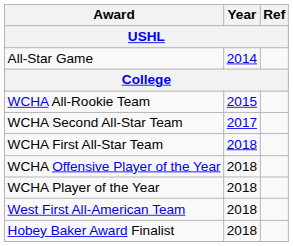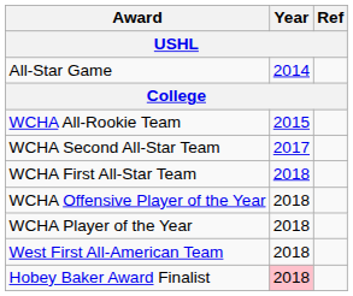 <table class="wikitable">
 <tr>
 <th>Award</th>
 <th>Year</th>
 <th>Ref</th>
 </tr>
 <tr ALIGN="center" bgcolor="#e0e0e0">
 <th colspan="3"><a href='#'>USHL</a></th>
 </tr>
 <tr>
 <td>All-Star Game</td>
 <td><a href='#'>2014</a></td>
 <td></td>
 </tr>
 <tr ALIGN="center" bgcolor="#e0e0e0">
 <th colspan="3"><a href='#'>College</a></th>
 </tr>
 <tr>
 <td><a href='#'>WCHA</a> All-Rookie Team</td>
 <td><a href='#'>2015</a></td>
 <td></td>
 </tr>
 <tr>
 <td>WCHA Second All-Star Team</td>
 <td><a href='#'>2017</a></td>
 <td></td>
 </tr>
 <tr>
 <td>WCHA First All-Star Team</td>
 <td><a href='#'>2018</a></td>
 <td></td>
 </tr>
 <tr>
 <td>WCHA <a href='#'>Offensive Player of the Year</a></td>
 <td>2018</td>
 <td></td>
 </tr>
 <tr>
 <td>WCHA Player of the Year</td>
 <td>2018</td>
 <td></td>
 </tr>
 <tr>
 <td><a href='#'>West First All-American Team</a></td>
 <td>2018</td>
 <td></td>
 </tr>
 <tr>
 <td><a href='#'>Hobey Baker Award</a> Finalist</td>
-<td>2018</td>
+<td style="background: pink;">2018</td>
 <td></td>
 </tr>
 </table>
